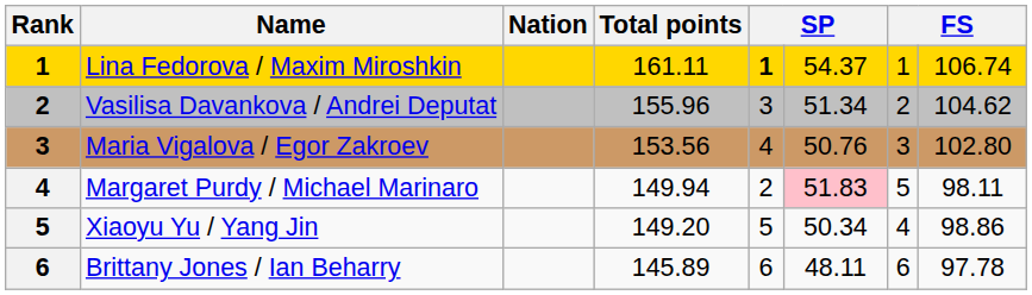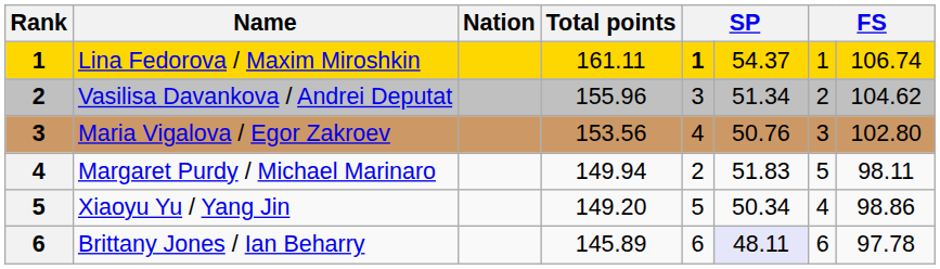 <table class="wikitable sortable">
 <tr>
 <th>Rank</th>
 <th>Name</th>
 <th>Nation</th>
 <th>Total points</th>
 <th colspan="2" width="80px"><a href='#'>SP</a></th>
 <th colspan="2" width="80px"><a href='#'>FS</a></th>
 </tr>
 <tr bgcolor="gold">
 <td align="center"><strong>1</strong></td>
 <td><a href='#'>Lina Fedorova</a> / <a href='#'>Maxim Miroshkin</a></td>
 <td></td>
 <td align="center">161.11</td>
 <td align="center"><strong>1</strong></td>
 <td align="center">54.37</td>
 <td align="center">1</td>
 <td align="center">106.74</td>
 </tr>
 <tr bgcolor="silver">
 <td align="center"><strong>2</strong></td>
 <td><a href='#'>Vasilisa Davankova</a> / <a href='#'>Andrei Deputat</a></td>
 <td></td>
 <td align="center">155.96</td>
 <td align="center">3</td>
 <td align="center">51.34</td>
 <td align="center">2</td>
 <td align="center">104.62</td>
 </tr>
 <tr bgcolor="cc9966">
 <td align="center"><strong>3</strong></td>
 <td><a href='#'>Maria Vigalova</a> / <a href='#'>Egor Zakroev</a></td>
 <td></td>
 <td align="center">153.56</td>
 <td align="center">4</td>
 <td align="center">50.76</td>
 <td align="center">3</td>
 <td align="center">102.80</td>
 </tr>
 <tr>
 <th>4</th>
 <td><a href='#'>Margaret Purdy</a> / <a href='#'>Michael Marinaro</a></td>
 <td></td>
 <td align="center">149.94</td>
 <td align="center">2</td>
-<td align="center" style="background: pink;">51.83</td>
+<td align="center">51.83</td>
 <td align="center">5</td>
 <td align="center">98.11</td>
 </tr>
 <tr>
 <th>5</th>
 <td><a href='#'>Xiaoyu Yu</a> / <a href='#'>Yang Jin</a></td>
 <td></td>
 <td align="center">149.20</td>
 <td align="center">5</td>
 <td align="center">50.34</td>
 <td align="center">4</td>
 <td align="center">98.86</td>
 </tr>
 <tr>
 <th>6</th>
 <td><a href='#'>Brittany Jones</a> / <a href='#'>Ian Beharry</a></td>
 <td></td>
 <td align="center">145.89</td>
 <td align="center">6</td>
-<td align="center">48.11</td>
+<td align="center" style="background: lavender;">48.11</td>
 <td align="center">6</td>
 <td align="center">97.78</td>
 </tr>
 </table>
